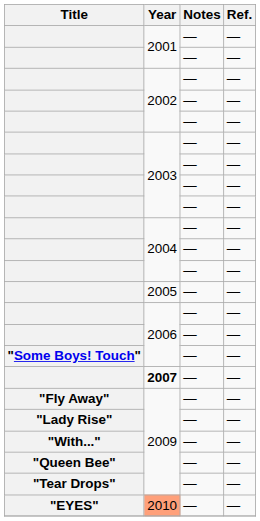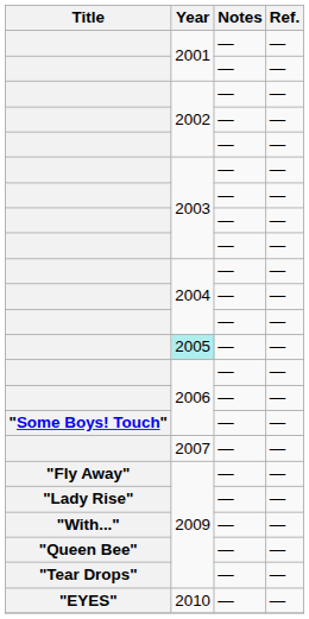 <table class="wikitable plainrowheaders">
 <tr>
 <th>Title</th>
 <th>Year</th>
 <th>Notes</th>
 <th>Ref.</th>
 </tr>
 <tr>
 <th scope="row"></th>
 <td rowspan="2">2001</td>
 <td>—</td>
 <td>—</td>
 </tr>
 <tr>
 <th scope="row"></th>
 <td>—</td>
 <td>—</td>
 </tr>
 <tr>
 <th scope="row"></th>
 <td rowspan="3">2002</td>
 <td>—</td>
 <td>—</td>
 </tr>
 <tr>
 <th scope="row"></th>
 <td>—</td>
 <td>—</td>
 </tr>
 <tr>
 <th scope="row"></th>
 <td>—</td>
 <td>—</td>
 </tr>
 <tr>
 <th scope="row"></th>
 <td rowspan="4">2003</td>
 <td>—</td>
 <td>—</td>
 </tr>
 <tr>
 <th scope="row"></th>
 <td>—</td>
 <td>—</td>
 </tr>
 <tr>
 <th scope="row"></th>
 <td>—</td>
 <td>—</td>
 </tr>
 <tr>
 <th scope="row"></th>
 <td>—</td>
 <td>—</td>
 </tr>
 <tr>
 <th scope="row"></th>
 <td rowspan="3">2004</td>
 <td>—</td>
 <td>—</td>
 </tr>
 <tr>
 <th scope="row"></th>
 <td>—</td>
 <td>—</td>
 </tr>
 <tr>
 <th scope="row"></th>
 <td>—</td>
 <td>—</td>
 </tr>
 <tr>
 <th scope="row"></th>
-<td>2005</td>
+<td style="background: paleturquoise;">2005</td>
 <td>—</td>
 <td>—</td>
 </tr>
 <tr>
 <th scope="row"></th>
 <td rowspan="3">2006</td>
 <td>—</td>
 <td>—</td>
 </tr>
 <tr>
 <th scope="row"></th>
 <td>—</td>
 <td>—</td>
 </tr>
 <tr>
 <th scope="row">"<a href='#'>Some Boys! Touch</a>"</th>
 <td>—</td>
 <td>—</td>
 </tr>
 <tr>
 <th scope="row"></th>
-<td><strong>2007</strong></td>
+<td>2007</td>
 <td>—</td>
 <td>—</td>
 </tr>
 <tr>
 <th scope="row">"Fly Away"<br></th>
 <td rowspan="5">2009</td>
 <td>—</td>
 <td>—</td>
 </tr>
 <tr>
 <th scope="row">"Lady Rise"<br></th>
 <td>—</td>
 <td>—</td>
 </tr>
 <tr>
 <th scope="row">"With..."<br></th>
 <td>—</td>
 <td>—</td>
 </tr>
 <tr>
 <th scope="row">"Queen Bee" <br></th>
 <td>—</td>
 <td>—</td>
 </tr>
 <tr>
 <th scope="row">"Tear Drops" <br></th>
 <td>—</td>
 <td>—</td>
 </tr>
 <tr>
 <th scope="row">"EYES" <br></th>
-<td style="background: lightsalmon;">2010</td>
+<td>2010</td>
 <td>—</td>
 <td>—</td>
 </tr>
 <tr>
 </tr>
 </table>
